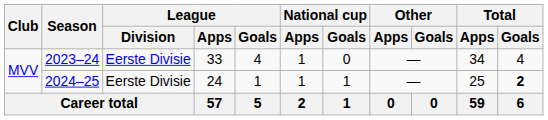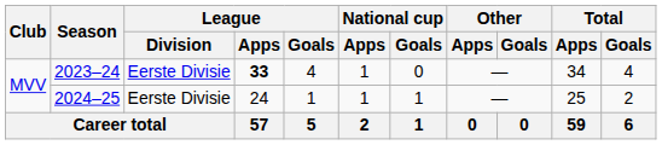 <table class="wikitable" style="text-align:center">
 <tr>
 <th rowspan="2">Club</th>
 <th rowspan="2">Season</th>
 <th colspan="3">League</th>
 <th colspan="2">National cup</th>
 <th colspan="2">Other</th>
 <th colspan="2">Total</th>
 </tr>
 <tr>
 <th>Division</th>
 <th>Apps</th>
 <th>Goals</th>
 <th>Apps</th>
 <th>Goals</th>
 <th>Apps</th>
 <th>Goals</th>
 <th>Apps</th>
 <th>Goals</th>
 </tr>
 <tr>
 <td rowspan="2"><a href='#'>MVV</a></td>
 <td><a href='#'>2023–24</a></td>
 <td><a href='#'>Eerste Divisie</a></td>
-<td>33</td>
+<td><strong>33</strong></td>
 <td>4</td>
 <td>1</td>
 <td>0</td>
 <td colspan="2">—</td>
 <td>34</td>
 <td>4</td>
 </tr>
 <tr>
 <td><a href='#'>2024–25</a></td>
 <td>Eerste Divisie</td>
 <td>24</td>
 <td>1</td>
 <td>1</td>
 <td>1</td>
 <td colspan="2">—</td>
 <td>25</td>
-<td><strong>2</strong></td>
+<td>2</td>
 </tr>
 <tr>
 <th colspan="3">Career total</th>
 <th>57</th>
 <th>5</th>
 <th>2</th>
 <th>1</th>
 <th>0</th>
 <th>0</th>
 <th>59</th>
 <th>6</th>
 </tr>
 </table>
